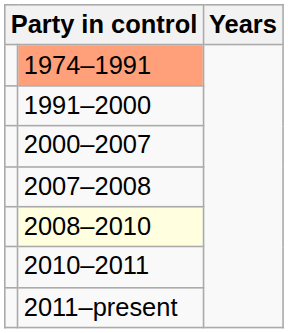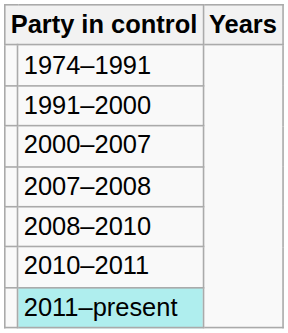 <table class="wikitable">
 <tr>
 <th colspan=2>Party in control</th>
 <th>Years</th>
 </tr>
 <tr>
 <td></td>
-<td style="background: lightsalmon;">1974–1991</td>
+<td>1974–1991</td>
 </tr>
 <tr>
 <td></td>
 <td>1991–2000</td>
 </tr>
 <tr>
 <td></td>
 <td>2000–2007</td>
 </tr>
 <tr>
 <td></td>
 <td>2007–2008</td>
 </tr>
 <tr>
 <td></td>
-<td style="background: lightyellow;">2008–2010</td>
+<td>2008–2010</td>
 </tr>
 <tr>
 <td></td>
 <td>2010–2011</td>
 </tr>
 <tr>
 <td></td>
-<td>2011–present</td>
+<td style="background: paleturquoise;">2011–present</td>
 </tr>
 </table>
